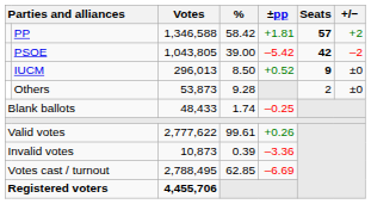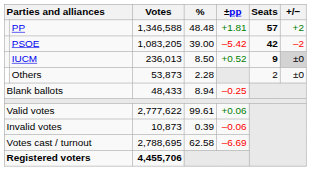 <table class="wikitable" style="text-align:right;">
 <tr>
 <th style="text-align:left;" colspan="2" width="200">Parties and alliances</th>
 <th width="75">Votes</th>
 <th width="45">%</th>
 <th width="45">±<a href='#'>pp</a></th>
 <th width="35">Seats</th>
 <th width="35">+/−</th>
 </tr>
 <tr>
 <td width="1" style="color:inherit;background:"></td>
 <td align="left"><a href='#'>PP</a></td>
 <td>1,346,588</td>
-<td>58.42</td>
+<td>48.48</td>
 <td style="color:green;">+1.81</td>
 <td><strong>57</strong></td>
 <td style="color:green;">+2</td>
 </tr>
 <tr>
 <td style="color:inherit;background:"></td>
 <td align="left"><a href='#'>PSOE</a></td>
-<td>1,043,805</td>
+<td>1,083,205</td>
 <td>39.00</td>
 <td style="color:red;">–5.42</td>
 <td><strong>42</strong></td>
 <td style="color:red;">–2</td>
 </tr>
 <tr>
 <td style="color:inherit;background:"></td>
 <td align="left"><a href='#'>IUCM</a></td>
-<td>296,013</td>
+<td>236,013</td>
 <td>8.50</td>
 <td style="color:green;">+0.52</td>
 <td><strong>9</strong></td>
-<td>±0</td>
+<td style="background: lightgrey;">±0</td>
 </tr>
 <tr>
 <td bgcolor="white"></td>
 <td align="left">Others</td>
 <td>53,873</td>
-<td>9.28</td>
+<td>2.28</td>
 <td bgcolor="#E9E9E9"></td>
 <td>2</td>
 <td>±0</td>
 </tr>
 <tr>
 <td align="left" colspan="2">Blank ballots</td>
 <td>48,433</td>
-<td>1.74</td>
+<td>8.94</td>
 <td style="color:red;">–0.25</td>
 <td bgcolor="#E9E9E9" colspan="2"></td>
 </tr>
 <tr>
 <td colspan="7" bgcolor="#E9E9E9"></td>
 </tr>
 <tr>
 <td align="left" colspan="2">Valid votes</td>
 <td>2,777,622</td>
 <td>99.61</td>
-<td style="color:green;">+0.26</td>
+<td style="color:green;">+0.06</td>
 <td bgcolor="#E9E9E9" colspan="2" rowspan="4"></td>
 </tr>
 <tr>
 <td align="left" colspan="2">Invalid votes</td>
 <td>10,873</td>
 <td>0.39</td>
-<td style="color:red;">–3.36</td>
+<td style="color:red;">–0.06</td>
 </tr>
 <tr>
 <td align="left" colspan="2">Votes cast / turnout</td>
-<td>2,788,495</td>
-<td>62.85</td>
+<td>2,788,695</td>
+<td>62.58</td>
 <td style="color:red;">–6.69</td>
 </tr>
 <tr style="font-weight:bold;">
 <td align="left" colspan="2">Registered voters</td>
 <td>4,455,706</td>
 <td bgcolor="#E9E9E9" colspan="2"></td>
 </tr>
 </table>
